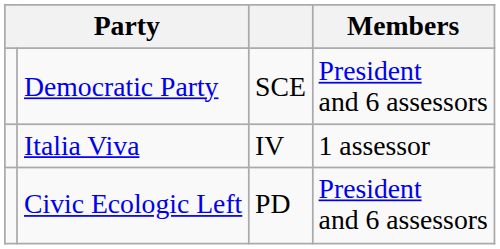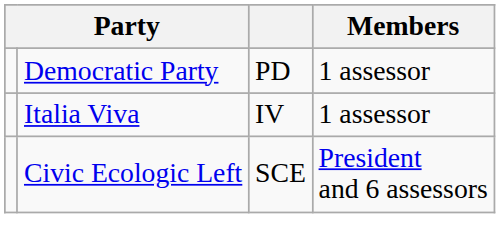 <table class="wikitable">
 <tr>
 <th colspan=2>Party</th>
 <th></th>
 <th>Members</th>
 </tr>
 <tr>
 <td style="background:"></td>
 <td><a href='#'>Democratic Party</a></td>
-<td>SCE</td>
-<td><a href='#'>President</a> <br>and 6 assessors</td>
+<td>PD</td>
+<td>1 assessor</td>
 </tr>
 <tr>
 <td style="background:"></td>
 <td><a href='#'>Italia Viva</a></td>
 <td>IV</td>
 <td>1 assessor</td>
 </tr>
 <tr>
 <td style="background:"></td>
 <td><a href='#'>Civic Ecologic Left</a></td>
-<td>PD</td>
+<td>SCE</td>
 <td><a href='#'>President</a> <br>and 6 assessors</td>
 </tr>
 </table>
